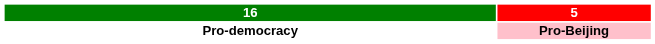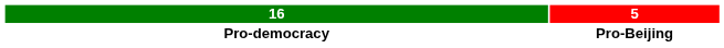 <table style="width:50%; text-align:center;">
 <tr style="color:white;">
 <td style="background:green; width:76.2%;"><strong>16</strong></td>
 <td style="background:red; width:23.8%;"><strong>5</strong></td>
 </tr>
 <tr>
 <td><span><strong>Pro-democracy</strong></span></td>
-<td style="background: pink;"><span><strong>Pro-Beijing</strong></span></td>
+<td><span><strong>Pro-Beijing</strong></span></td>
 </tr>
 </table>
